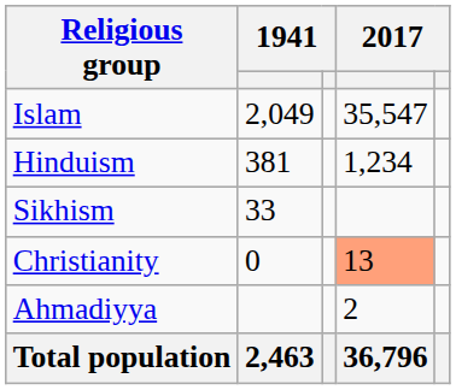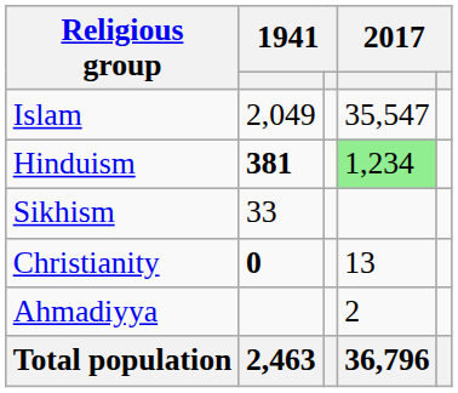 <table class="wikitable sortable">
 <tr>
 <th rowspan="2"><a href='#'>Religious</a><br>group</th>
 <th colspan="2">1941</th>
 <th colspan="2">2017</th>
 </tr>
 <tr>
 <th><a href='#'></a></th>
 <th></th>
 <th></th>
 <th></th>
 </tr>
 <tr>
 <td><a href='#'>Islam</a> </td>
 <td>2,049</td>
 <td></td>
 <td>35,547</td>
 <td></td>
 </tr>
 <tr>
 <td><a href='#'>Hinduism</a> </td>
-<td>381</td>
+<td><strong>381</strong></td>
 <td></td>
-<td>1,234</td>
+<td style="background: lightgreen;">1,234</td>
 <td></td>
 </tr>
 <tr>
 <td><a href='#'>Sikhism</a> </td>
 <td>33</td>
 <td></td>
 <td></td>
 <td></td>
 </tr>
 <tr>
 <td><a href='#'>Christianity</a> </td>
-<td>0</td>
+<td><strong>0</strong></td>
 <td></td>
-<td style="background: lightsalmon;">13</td>
+<td>13</td>
 <td></td>
 </tr>
 <tr>
 <td><a href='#'>Ahmadiyya</a> </td>
 <td></td>
 <td></td>
 <td>2</td>
 <td></td>
 </tr>
 <tr>
 <th>Total population</th>
 <th>2,463</th>
 <th></th>
 <th>36,796</th>
 <th></th>
 </tr>
 </table>
